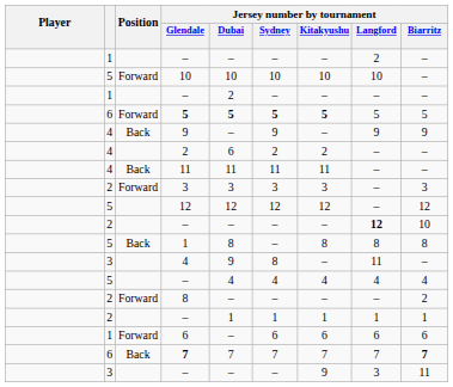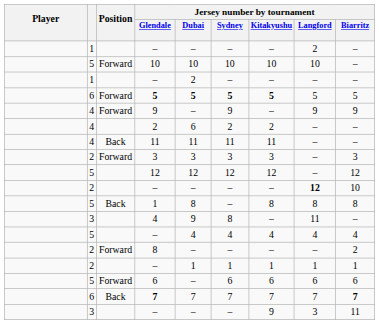 <table class="wikitable sortable" style="text-align:center;">
 <tr>
 <th rowspan=2 style="border-bottom:0px; width:13em;">Player</th>
 <th rowspan=2 style="border-bottom:0px;"></th>
 <th rowspan=2 style="border-bottom:0px;">Position</th>
 <th colspan=6 style="font-size:95%;">Jersey number by tournament</th>
 </tr>
 <tr>
 <th style="vertical-align:top; width:5.2em; border-bottom:0; padding:2px; font-size:85%;"><a href='#'>Glendale</a></th>
 <th style="vertical-align:top; width:5.2em; border-bottom:0; padding:2px; font-size:85%;"><a href='#'>Dubai</a></th>
 <th style="vertical-align:top; width:5.2em; border-bottom:0; padding:2px; font-size:85%;"><a href='#'>Sydney</a></th>
 <th style="vertical-align:top; width:5.2em; border-bottom:0; padding:2px; font-size:85%;"><a href='#'>Kitakyushu</a></th>
 <th style="vertical-align:top; width:5.2em; border-bottom:0; padding:2px; font-size:85%;"><a href='#'>Langford</a></th>
 <th style="vertical-align:top; width:5.2em; border-bottom:0; padding:2px; font-size:85%;"><a href='#'>Biarritz</a></th>
 </tr>
 <tr style="line-height:8px;">
 <th style="border-top:0;"> </th>
 <th style="border-top:0;"></th>
 <th style="border-top:0;"></th>
 <th data-sort-type="number" style="border-top:0;"></th>
 <th data-sort-type="number" style="border-top:0;"></th>
 <th data-sort-type="number" style="border-top:0;"></th>
 <th data-sort-type="number" style="border-top:0;"></th>
 <th data-sort-type="number" style="border-top:0;"></th>
 <th data-sort-type="number" style="border-top:0;"></th>
 </tr>
 <tr>
 <td align=left></td>
 <td>1</td>
 <td></td>
 <td>–</td>
 <td>–</td>
 <td>–</td>
 <td>–</td>
 <td>2</td>
 <td>–</td>
 </tr>
 <tr>
 <td align=left></td>
 <td>5</td>
 <td>Forward</td>
 <td>10</td>
 <td>10</td>
 <td>10</td>
 <td>10</td>
 <td>10</td>
 <td>–</td>
 </tr>
 <tr>
 <td align=left></td>
 <td>1</td>
 <td></td>
 <td>–</td>
 <td>2</td>
 <td>–</td>
 <td>–</td>
 <td>–</td>
 <td>–</td>
 </tr>
 <tr>
 <td align=left></td>
 <td>6</td>
 <td>Forward</td>
 <td><strong>5</strong></td>
 <td><strong>5</strong></td>
 <td><strong>5</strong></td>
 <td><strong>5</strong></td>
 <td>5</td>
 <td>5</td>
 </tr>
 <tr>
 <td align=left></td>
 <td>4</td>
-<td>Back</td>
+<td>Forward</td>
 <td>9</td>
 <td>–</td>
 <td>9</td>
 <td>–</td>
 <td>9</td>
 <td>9</td>
 </tr>
 <tr>
 <td align=left></td>
 <td>4</td>
 <td></td>
 <td>2</td>
 <td>6</td>
 <td>2</td>
 <td>2</td>
 <td>–</td>
 <td>–</td>
 </tr>
 <tr>
 <td align=left></td>
 <td>4</td>
 <td>Back</td>
 <td>11</td>
 <td>11</td>
 <td>11</td>
 <td>11</td>
 <td>–</td>
 <td>–</td>
 </tr>
 <tr>
 <td align=left></td>
 <td>2</td>
 <td>Forward</td>
 <td>3</td>
 <td>3</td>
 <td>3</td>
 <td>3</td>
 <td>–</td>
 <td>3</td>
 </tr>
 <tr>
 <td align=left></td>
 <td>5</td>
 <td></td>
 <td>12</td>
 <td>12</td>
 <td>12</td>
 <td>12</td>
 <td>–</td>
 <td>12</td>
 </tr>
 <tr>
 <td align=left></td>
 <td>2</td>
 <td></td>
 <td>–</td>
 <td>–</td>
 <td>–</td>
 <td>–</td>
 <td><strong>12</strong></td>
 <td>10</td>
 </tr>
 <tr>
 <td align=left></td>
 <td>5</td>
 <td>Back</td>
 <td>1</td>
 <td>8</td>
 <td>–</td>
 <td>8</td>
 <td>8</td>
 <td>8</td>
 </tr>
 <tr>
 <td align=left></td>
 <td>3</td>
 <td></td>
 <td>4</td>
 <td>9</td>
 <td>8</td>
 <td>–</td>
 <td>11</td>
 <td>–</td>
 </tr>
 <tr>
 <td align=left></td>
 <td>5</td>
 <td></td>
 <td>–</td>
 <td>4</td>
 <td>4</td>
 <td>4</td>
 <td>4</td>
 <td>4</td>
 </tr>
 <tr>
 <td align=left></td>
 <td>2</td>
 <td>Forward</td>
 <td>8</td>
 <td>–</td>
 <td>–</td>
 <td>–</td>
 <td>–</td>
 <td>2</td>
 </tr>
 <tr>
 <td align=left></td>
 <td>2</td>
 <td></td>
 <td>–</td>
 <td>1</td>
 <td>1</td>
 <td>1</td>
 <td>1</td>
 <td>1</td>
 </tr>
 <tr>
 <td align=left></td>
-<td>1</td>
+<td>5</td>
 <td>Forward</td>
 <td>6</td>
 <td>–</td>
 <td>6</td>
 <td>6</td>
 <td>6</td>
 <td>6</td>
 </tr>
 <tr>
 <td align=left></td>
 <td>6</td>
 <td>Back</td>
 <td><strong>7</strong></td>
 <td>7</td>
 <td>7</td>
 <td>7</td>
 <td>7</td>
 <td><strong>7</strong></td>
 </tr>
 <tr>
 <td align=left></td>
 <td>3</td>
 <td></td>
 <td>–</td>
 <td>–</td>
 <td>–</td>
 <td>9</td>
 <td>3</td>
 <td>11</td>
 </tr>
 </table>
